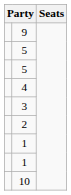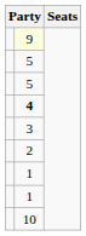 <table class="wikitable" style="font-size: 95%;">
 <tr>
 <th colspan=2>Party</th>
 <th>Seats</th>
 </tr>
 <tr>
 <td></td>
-<td align="center">9</td>
+<td align="center" style="background: lightyellow;">9</td>
 </tr>
 <tr>
 <td></td>
 <td align="center">5</td>
 </tr>
 <tr>
 <td></td>
 <td align="center">5</td>
 </tr>
 <tr>
 <td></td>
-<td align="center">4</td>
+<td align="center"><strong>4</strong></td>
 </tr>
 <tr>
 <td></td>
 <td align="center">3</td>
 </tr>
 <tr>
 <td></td>
 <td align="center">2</td>
 </tr>
 <tr>
 <td></td>
 <td align="center">1</td>
 </tr>
 <tr>
 <td></td>
 <td align="center">1</td>
 </tr>
 <tr>
 <td></td>
 <td align="center">10</td>
 </tr>
 </table>
